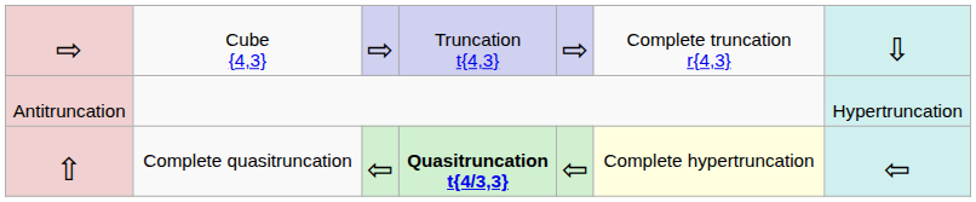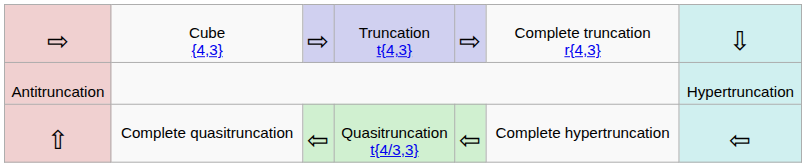 <table class=wikitable width=840>
 <tr align=center valign=top>
 <td bgcolor="#f0d0d0"><br><big><big><big>⇨</big></big></big> </td>
 <td><br>Cube<br><a href='#'>{4,3}</a> </td>
 <td bgcolor="#d0d0f0"><br><big><big><big>⇨</big></big></big> </td>
 <td bgcolor="#d0d0f0"><br>Truncation<br><a href='#'>t{4,3}</a> </td>
 <td bgcolor="#d0d0f0"><br><big><big><big>⇨</big></big></big> </td>
 <td><br>Complete truncation<br><a href='#'>r{4,3}</a> </td>
 <td bgcolor="#d0f0f0"><br><big><big><big>⇩</big></big></big> </td>
 </tr>
 <tr align=center valign=top>
 <td bgcolor="#f0d0d0"><br>Antitruncation </td>
 <td colspan=5></td>
 <td bgcolor="#d0f0f0"><br>Hypertruncation </td>
 </tr>
 <tr align=center valign=top>
 <td bgcolor="#f0d0d0"><br><big><big><big>⇧</big></big></big> </td>
 <td><br>Complete quasitruncation<br></td>
 <td bgcolor="#d0f0d0"><br><big><big><big>⇦</big></big></big></td>
-<td bgcolor="#d0f0d0"><strong><br>Quasitruncation<br><a href='#'>t{4/3,3}</a> </strong></td>
+<td bgcolor="#d0f0d0"><br>Quasitruncation<br><a href='#'>t{4/3,3}</a> </td>
 <td bgcolor="#d0f0d0"><br><big><big><big>⇦</big></big></big> </td>
-<td style="background: lightyellow;"><br>Complete hypertruncation </td>
+<td><br>Complete hypertruncation </td>
 <td bgcolor="#d0f0f0"><br><big><big><big>⇦</big></big></big> </td>
 </tr>
 </table>
